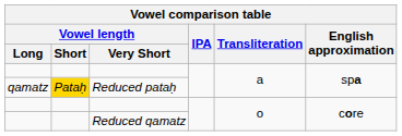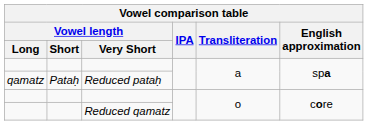 <table class="wikitable">
 <tr>
 <th ! colspan=6>Vowel comparison table</th>
 </tr>
 <tr align=center>
 <th ! colspan=3><a href='#'>Vowel length</a></th>
 <th ! rowspan=2><a href='#'>IPA</a></th>
 <th ! rowspan=2><a href='#'>Transliteration</a></th>
 <th ! rowspan=2>English<br>approximation</th>
 </tr>
 <tr>
 <th>Long</th>
 <th>Short</th>
 <th>Very Short</th>
 </tr>
 <tr align=center>
 <td style="font-size:26px; padding-bottom:12px"></td>
 <td style="font-size:26px; padding-bottom:12px"></td>
 <td style="font-size:26px; padding-bottom:12px"></td>
 <td rowspan="2"></td>
 <td rowspan="2">a</td>
 <td rowspan="2">sp<strong>a</strong></td>
 </tr>
 <tr>
 <td><em>qamatz</em></td>
-<td style="background: gold;"><em>Pataḥ</em></td>
+<td><em>Pataḥ</em></td>
 <td><em>Reduced pataḥ</em></td>
 </tr>
 <tr align=center>
 <td style="font-size:24px; padding-bottom:12px"></td>
 <td style="font-size:26px; padding-bottom:12px"></td>
 <td style="font-size:26px; padding-bottom:12px"></td>
 <td rowspan="2"></td>
 <td rowspan="2">o</td>
 <td rowspan="2">c<strong>o</strong>re</td>
 </tr>
 <tr>
 <td><em></em></td>
 <td><em></em></td>
 <td><em>Reduced qamatz</em></td>
 </tr>
 </table>
